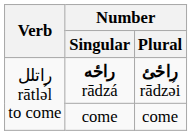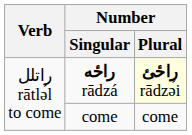 <table class="wikitable" style="text-align: center">
 <tr>
 <th rowspan="2">Verb</th>
 <th colspan="2">Number</th>
 </tr>
 <tr>
 <th>Singular</th>
 <th>Plural</th>
 </tr>
 <tr>
 <td rowspan="2">راتلل<br> rātlә́l<br>to come</td>
 <td><strong>راځه <br></strong> rādzá</td>
-<td><strong>راځئ</strong><br>rādzә́i</td>
+<td style="background: lightyellow;"><strong>راځئ</strong><br>rādzә́i</td>
 </tr>
 <tr>
 <td>come</td>
 <td>come</td>
 </tr>
 </table>
